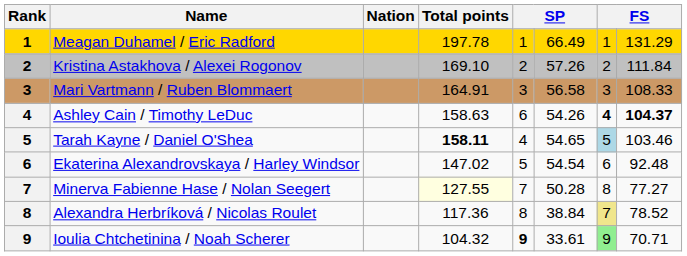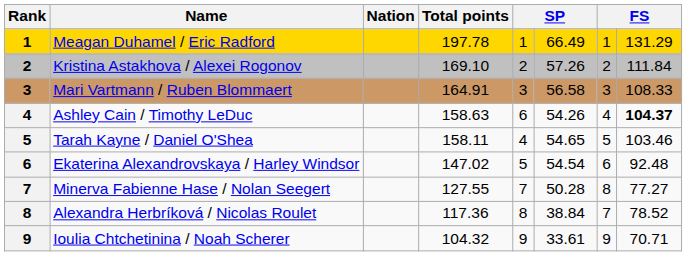 <table class="wikitable sortable">
 <tr>
 <th>Rank</th>
 <th>Name</th>
 <th>Nation</th>
 <th>Total points</th>
 <th colspan="2" width="80px"><a href='#'>SP</a></th>
 <th colspan="2" width="80px"><a href='#'>FS</a></th>
 </tr>
 <tr bgcolor="gold">
 <td align="center"><strong>1</strong></td>
 <td><a href='#'>Meagan Duhamel</a> / <a href='#'>Eric Radford</a></td>
 <td></td>
 <td align="center">197.78</td>
 <td align="center">1</td>
 <td align="center">66.49</td>
 <td align="center">1</td>
 <td align="center">131.29</td>
 </tr>
 <tr bgcolor="silver">
 <td align="center"><strong>2</strong></td>
 <td><a href='#'>Kristina Astakhova</a> / <a href='#'>Alexei Rogonov</a></td>
 <td></td>
 <td align="center">169.10</td>
 <td align="center">2</td>
 <td align="center">57.26</td>
 <td align="center">2</td>
 <td align="center">111.84</td>
 </tr>
 <tr bgcolor="cc9966">
 <td align="center"><strong>3</strong></td>
 <td><a href='#'>Mari Vartmann</a> / <a href='#'>Ruben Blommaert</a></td>
 <td></td>
 <td align="center">164.91</td>
 <td align="center">3</td>
 <td align="center">56.58</td>
 <td align="center">3</td>
 <td align="center">108.33</td>
 </tr>
 <tr>
 <th>4</th>
 <td><a href='#'>Ashley Cain</a> / <a href='#'>Timothy LeDuc</a></td>
 <td></td>
 <td align="center">158.63</td>
 <td align="center">6</td>
 <td align="center">54.26</td>
-<td align="center"><strong>4</strong></td>
+<td align="center">4</td>
 <td align="center"><strong>104.37</strong></td>
 </tr>
 <tr>
 <th>5</th>
 <td><a href='#'>Tarah Kayne</a> / <a href='#'>Daniel O'Shea</a></td>
 <td></td>
-<td align="center"><strong>158.11</strong></td>
+<td align="center">158.11</td>
 <td align="center">4</td>
 <td align="center">54.65</td>
-<td align="center" style="background: lightblue;">5</td>
+<td align="center">5</td>
 <td align="center">103.46</td>
 </tr>
 <tr>
 <th>6</th>
 <td><a href='#'>Ekaterina Alexandrovskaya</a> / <a href='#'>Harley Windsor</a></td>
 <td></td>
 <td align="center">147.02</td>
 <td align="center">5</td>
 <td align="center">54.54</td>
 <td align="center">6</td>
 <td align="center">92.48</td>
 </tr>
 <tr>
 <th>7</th>
 <td><a href='#'>Minerva Fabienne Hase</a> / <a href='#'>Nolan Seegert</a></td>
 <td></td>
-<td align="center" style="background: lightyellow;">127.55</td>
+<td align="center">127.55</td>
 <td align="center">7</td>
 <td align="center">50.28</td>
 <td align="center">8</td>
 <td align="center">77.27</td>
 </tr>
 <tr>
 <th>8</th>
 <td><a href='#'>Alexandra Herbríková</a> / <a href='#'>Nicolas Roulet</a></td>
 <td></td>
 <td align="center">117.36</td>
 <td align="center">8</td>
 <td align="center">38.84</td>
-<td align="center" style="background: khaki;">7</td>
+<td align="center">7</td>
 <td align="center">78.52</td>
 </tr>
 <tr>
 <th>9</th>
 <td><a href='#'>Ioulia Chtchetinina</a> / <a href='#'>Noah Scherer</a></td>
 <td></td>
 <td align="center">104.32</td>
-<td align="center"><strong>9</strong></td>
+<td align="center">9</td>
 <td align="center">33.61</td>
-<td align="center" style="background: lightgreen;">9</td>
+<td align="center">9</td>
 <td align="center">70.71</td>
 </tr>
 </table>
